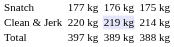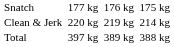 <table>
 <tr>
 <td>Snatch</td>
 <td></td>
 <td>177 kg</td>
 <td></td>
 <td>176 kg</td>
 <td></td>
 <td>175 kg</td>
 </tr>
 <tr>
 <td>Clean & Jerk</td>
 <td></td>
 <td>220 kg</td>
 <td></td>
-<td style="background: lavender;">219 kg</td>
+<td>219 kg</td>
 <td></td>
 <td>214 kg</td>
 </tr>
 <tr>
 <td>Total</td>
 <td></td>
 <td>397 kg</td>
 <td></td>
 <td>389 kg</td>
 <td></td>
 <td>388 kg</td>
 </tr>
 </table>
